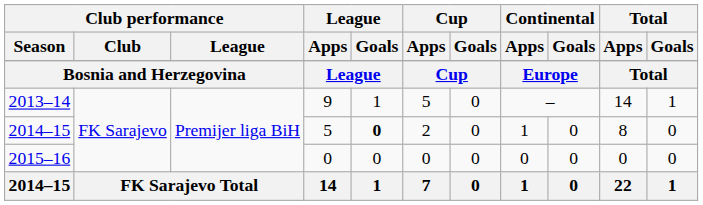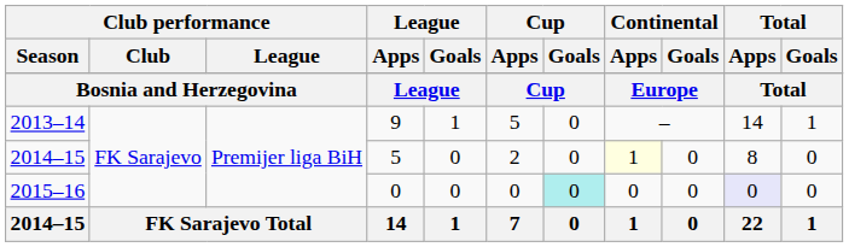 <table class="wikitable" style="text-align:center">
 <tr>
 <th colspan=3>Club performance</th>
 <th colspan=2>League</th>
 <th colspan=2>Cup</th>
 <th colspan=2>Continental</th>
 <th colspan=2>Total</th>
 </tr>
 <tr>
 <th>Season</th>
 <th>Club</th>
 <th>League</th>
 <th>Apps</th>
 <th>Goals</th>
 <th>Apps</th>
 <th>Goals</th>
 <th>Apps</th>
 <th>Goals</th>
 <th>Apps</th>
 <th>Goals</th>
 </tr>
 <tr>
 </tr>
 <tr>
 <th colspan=3>Bosnia and Herzegovina</th>
 <th colspan=2><a href='#'>League</a></th>
 <th colspan=2><a href='#'>Cup</a></th>
 <th colspan=2><a href='#'>Europe</a></th>
 <th colspan=2>Total</th>
 </tr>
 <tr>
 <td><a href='#'>2013–14</a></td>
 <td rowspan=3><a href='#'>FK Sarajevo</a></td>
 <td rowspan=3><a href='#'>Premijer liga BiH</a></td>
 <td>9</td>
 <td>1</td>
 <td>5</td>
 <td>0</td>
 <td colspan=2>–</td>
 <td>14</td>
 <td>1</td>
 </tr>
 <tr>
 <td><a href='#'>2014–15</a></td>
 <td>5</td>
-<td><strong>0</strong></td>
+<td>0</td>
 <td>2</td>
 <td>0</td>
-<td>1</td>
+<td style="background: lightyellow;">1</td>
 <td>0</td>
 <td>8</td>
 <td>0</td>
 </tr>
 <tr>
 <td><a href='#'>2015–16</a></td>
 <td>0</td>
 <td>0</td>
 <td>0</td>
+<td style="background: paleturquoise;">0</td>
 <td>0</td>
 <td>0</td>
-<td>0</td>
-<td>0</td>
+<td style="background: lavender;">0</td>
 <td>0</td>
 </tr>
 <tr>
 <th>2014–15</th>
 <th colspan=2>FK Sarajevo Total</th>
 <th>14</th>
 <th>1</th>
 <th>7</th>
 <th>0</th>
 <th>1</th>
 <th>0</th>
 <th>22</th>
 <th>1</th>
 </tr>
 </table>
